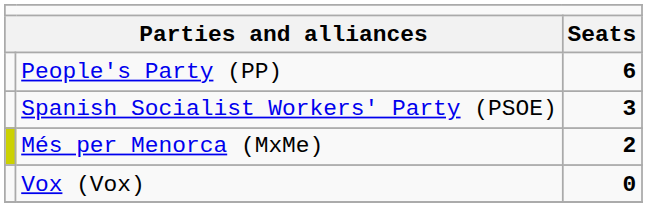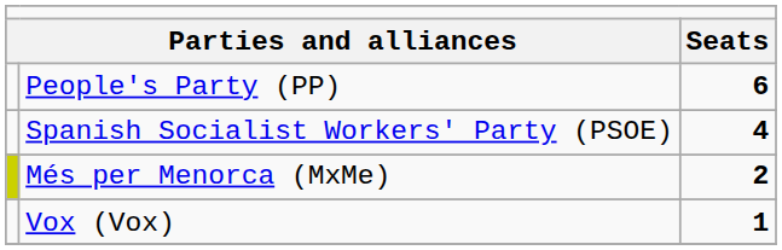 <table class="wikitable" style="text-align:right;">
 <tr>
 <td colspan="7"></td>
 </tr>
 <tr>
 <th colspan="2">Parties and alliances</th>
 <th colspan="2">Seats</th>
 </tr>
 <tr>
 <td style="color:inherit;background:"></td>
 <td align="left"><a href='#'>People's Party</a> (PP)</td>
 <td><strong>6</strong></td>
 </tr>
 <tr>
 <td style="color:inherit;background:"></td>
 <td align="left"><a href='#'>Spanish Socialist Workers' Party</a> (PSOE)</td>
-<td><strong>3</strong></td>
+<td><strong>4</strong></td>
 </tr>
 <tr>
 <td style="color:inherit;background:#CBD100"></td>
 <td align="left"><a href='#'>Més per Menorca</a> (MxMe)</td>
 <td><strong>2</strong></td>
 </tr>
 <tr>
 <td style="color:inherit;background:"></td>
 <td align="left"><a href='#'>Vox</a> (Vox)</td>
-<td><strong>0</strong></td>
+<td><strong>1</strong></td>
 </tr>
 <tr>
 </tr>
 </table>
